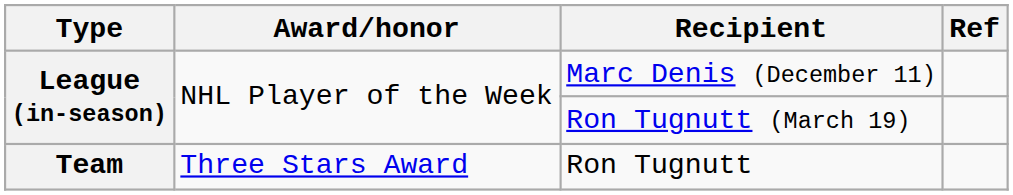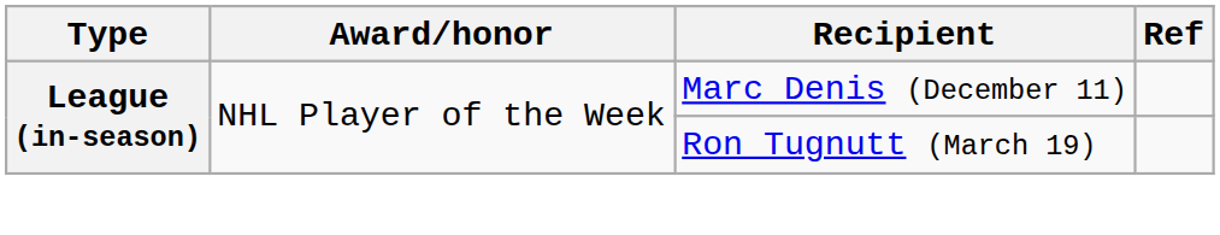 <table class="wikitable">
 <tr>
 <th scope="col">Type</th>
 <th scope="col">Award/honor</th>
 <th scope="col">Recipient</th>
 <th scope="col">Ref</th>
 </tr>
 <tr>
 <th scope="row" rowspan="2">League<br><small>(in-season)</small></th>
 <td rowspan="2">NHL Player of the Week</td>
 <td><a href='#'>Marc Denis</a> <small>(December 11)</small></td>
 <td></td>
 </tr>
 <tr>
 <td><a href='#'>Ron Tugnutt</a> <small>(March 19)</small></td>
 <td></td>
 </tr>
-<tr>
-<th scope="row">Team</th>
-<td><a href='#'>Three Stars Award</a></td>
-<td>Ron Tugnutt</td>
-<td></td>
-</tr>
 </table>
